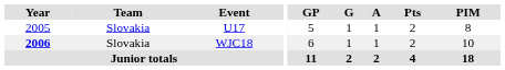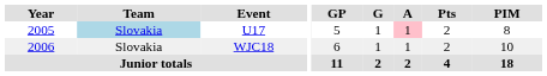 <table border="0" cellpadding="1" cellspacing="0" ID="Table3" style="text-align:center; width:40em">
 <tr ALIGN="center" bgcolor="#e0e0e0">
 <th>Year</th>
 <th>Team</th>
 <th>Event</th>
 <th rowspan="99" bgcolor="#ffffff"></th>
 <th>GP</th>
 <th>G</th>
 <th>A</th>
 <th>Pts</th>
 <th>PIM</th>
 </tr>
 <tr>
 <td><a href='#'>2005</a></td>
-<td><a href='#'>Slovakia</a></td>
+<td style="background: lightblue;"><a href='#'>Slovakia</a></td>
 <td><a href='#'>U17</a></td>
 <td>5</td>
 <td>1</td>
-<td>1</td>
+<td style="background: pink;">1</td>
 <td>2</td>
 <td>8</td>
 </tr>
 <tr bgcolor="#f0f0f0">
-<td><strong><a href='#'>2006</a></strong></td>
+<td><a href='#'>2006</a></td>
 <td>Slovakia</td>
 <td><a href='#'>WJC18</a></td>
 <td>6</td>
 <td>1</td>
 <td>1</td>
 <td>2</td>
 <td>10</td>
 </tr>
 <tr bgcolor="#e0e0e0">
 <th colspan="3">Junior totals</th>
 <th>11</th>
 <th>2</th>
 <th>2</th>
 <th>4</th>
 <th>18</th>
 </tr>
 </table>
